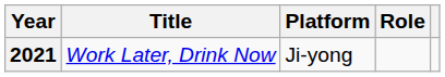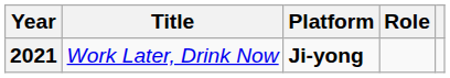 <table class="wikitable sortable plainrowheaders">
 <tr>
 <th scope="col">Year</th>
 <th scope="col">Title</th>
 <th scope="col">Platform</th>
 <th scope="col">Role</th>
 <th scope="col" class="unsortable"></th>
 </tr>
 <tr>
 <th scope="row">2021</th>
 <td><em><a href='#'>Work Later, Drink Now</a></em></td>
-<td>Ji-yong</td>
+<td><strong>Ji-yong</strong></td>
 <td></td>
 </tr>
 </table>
